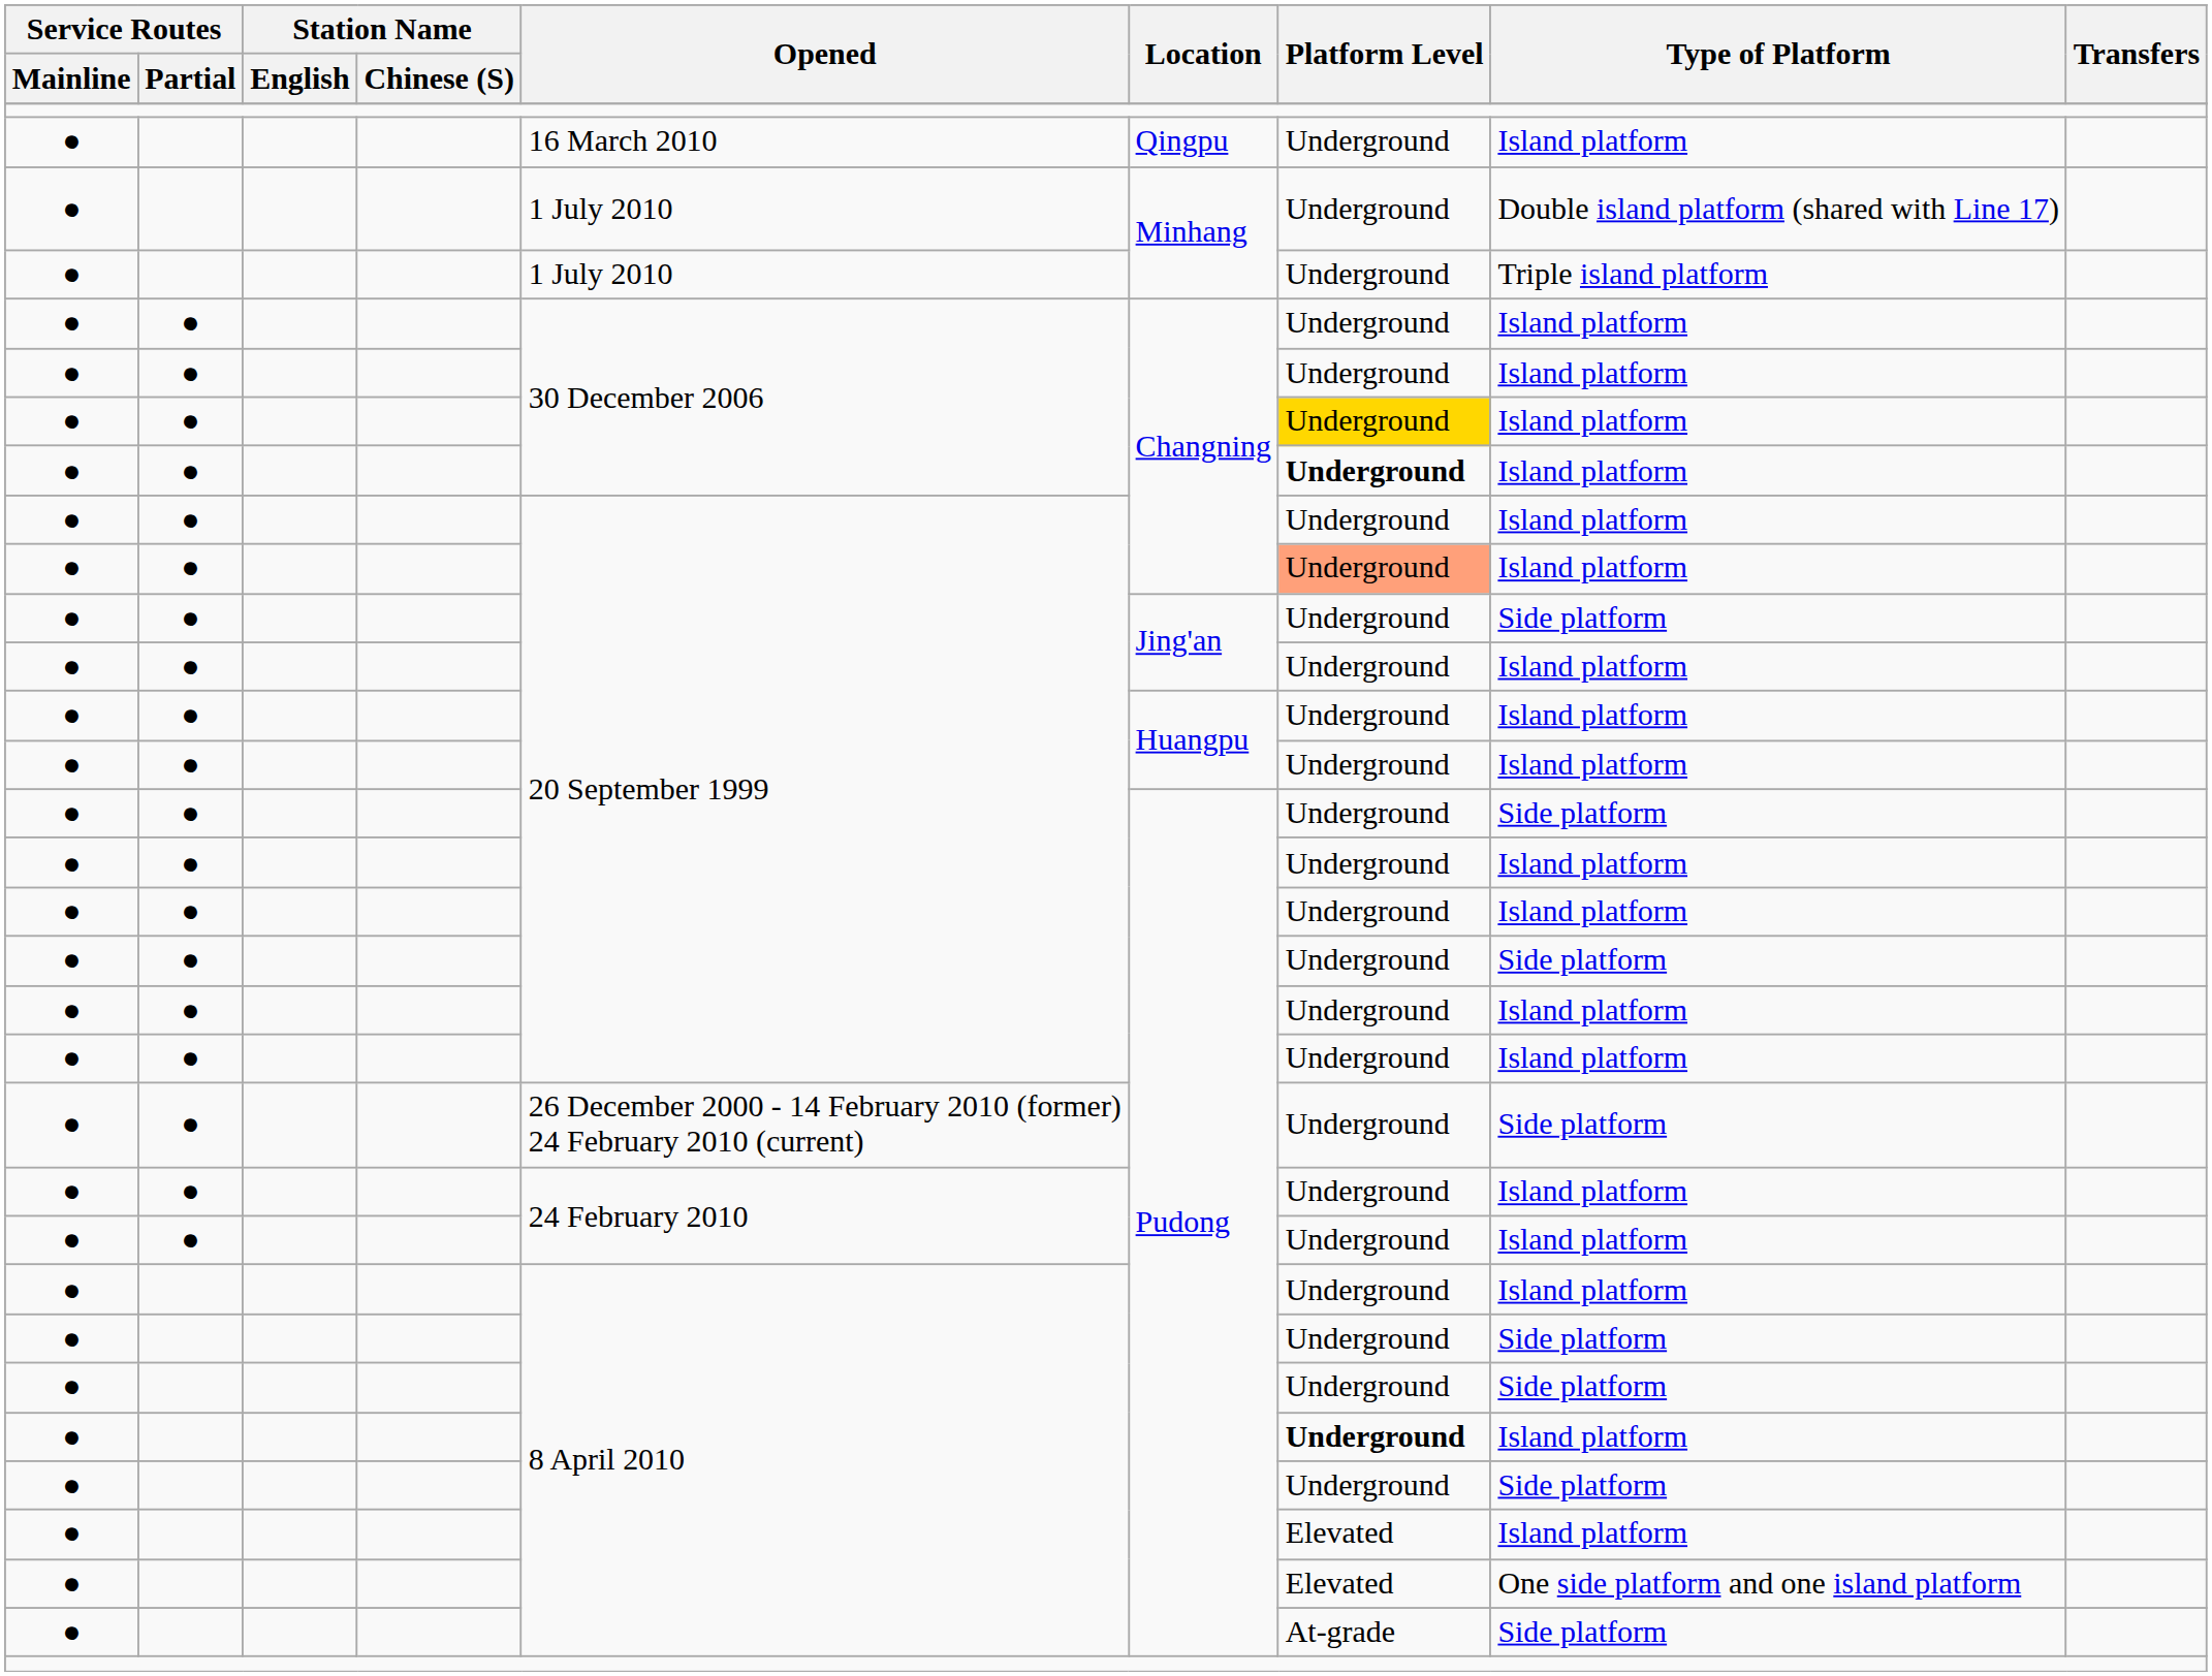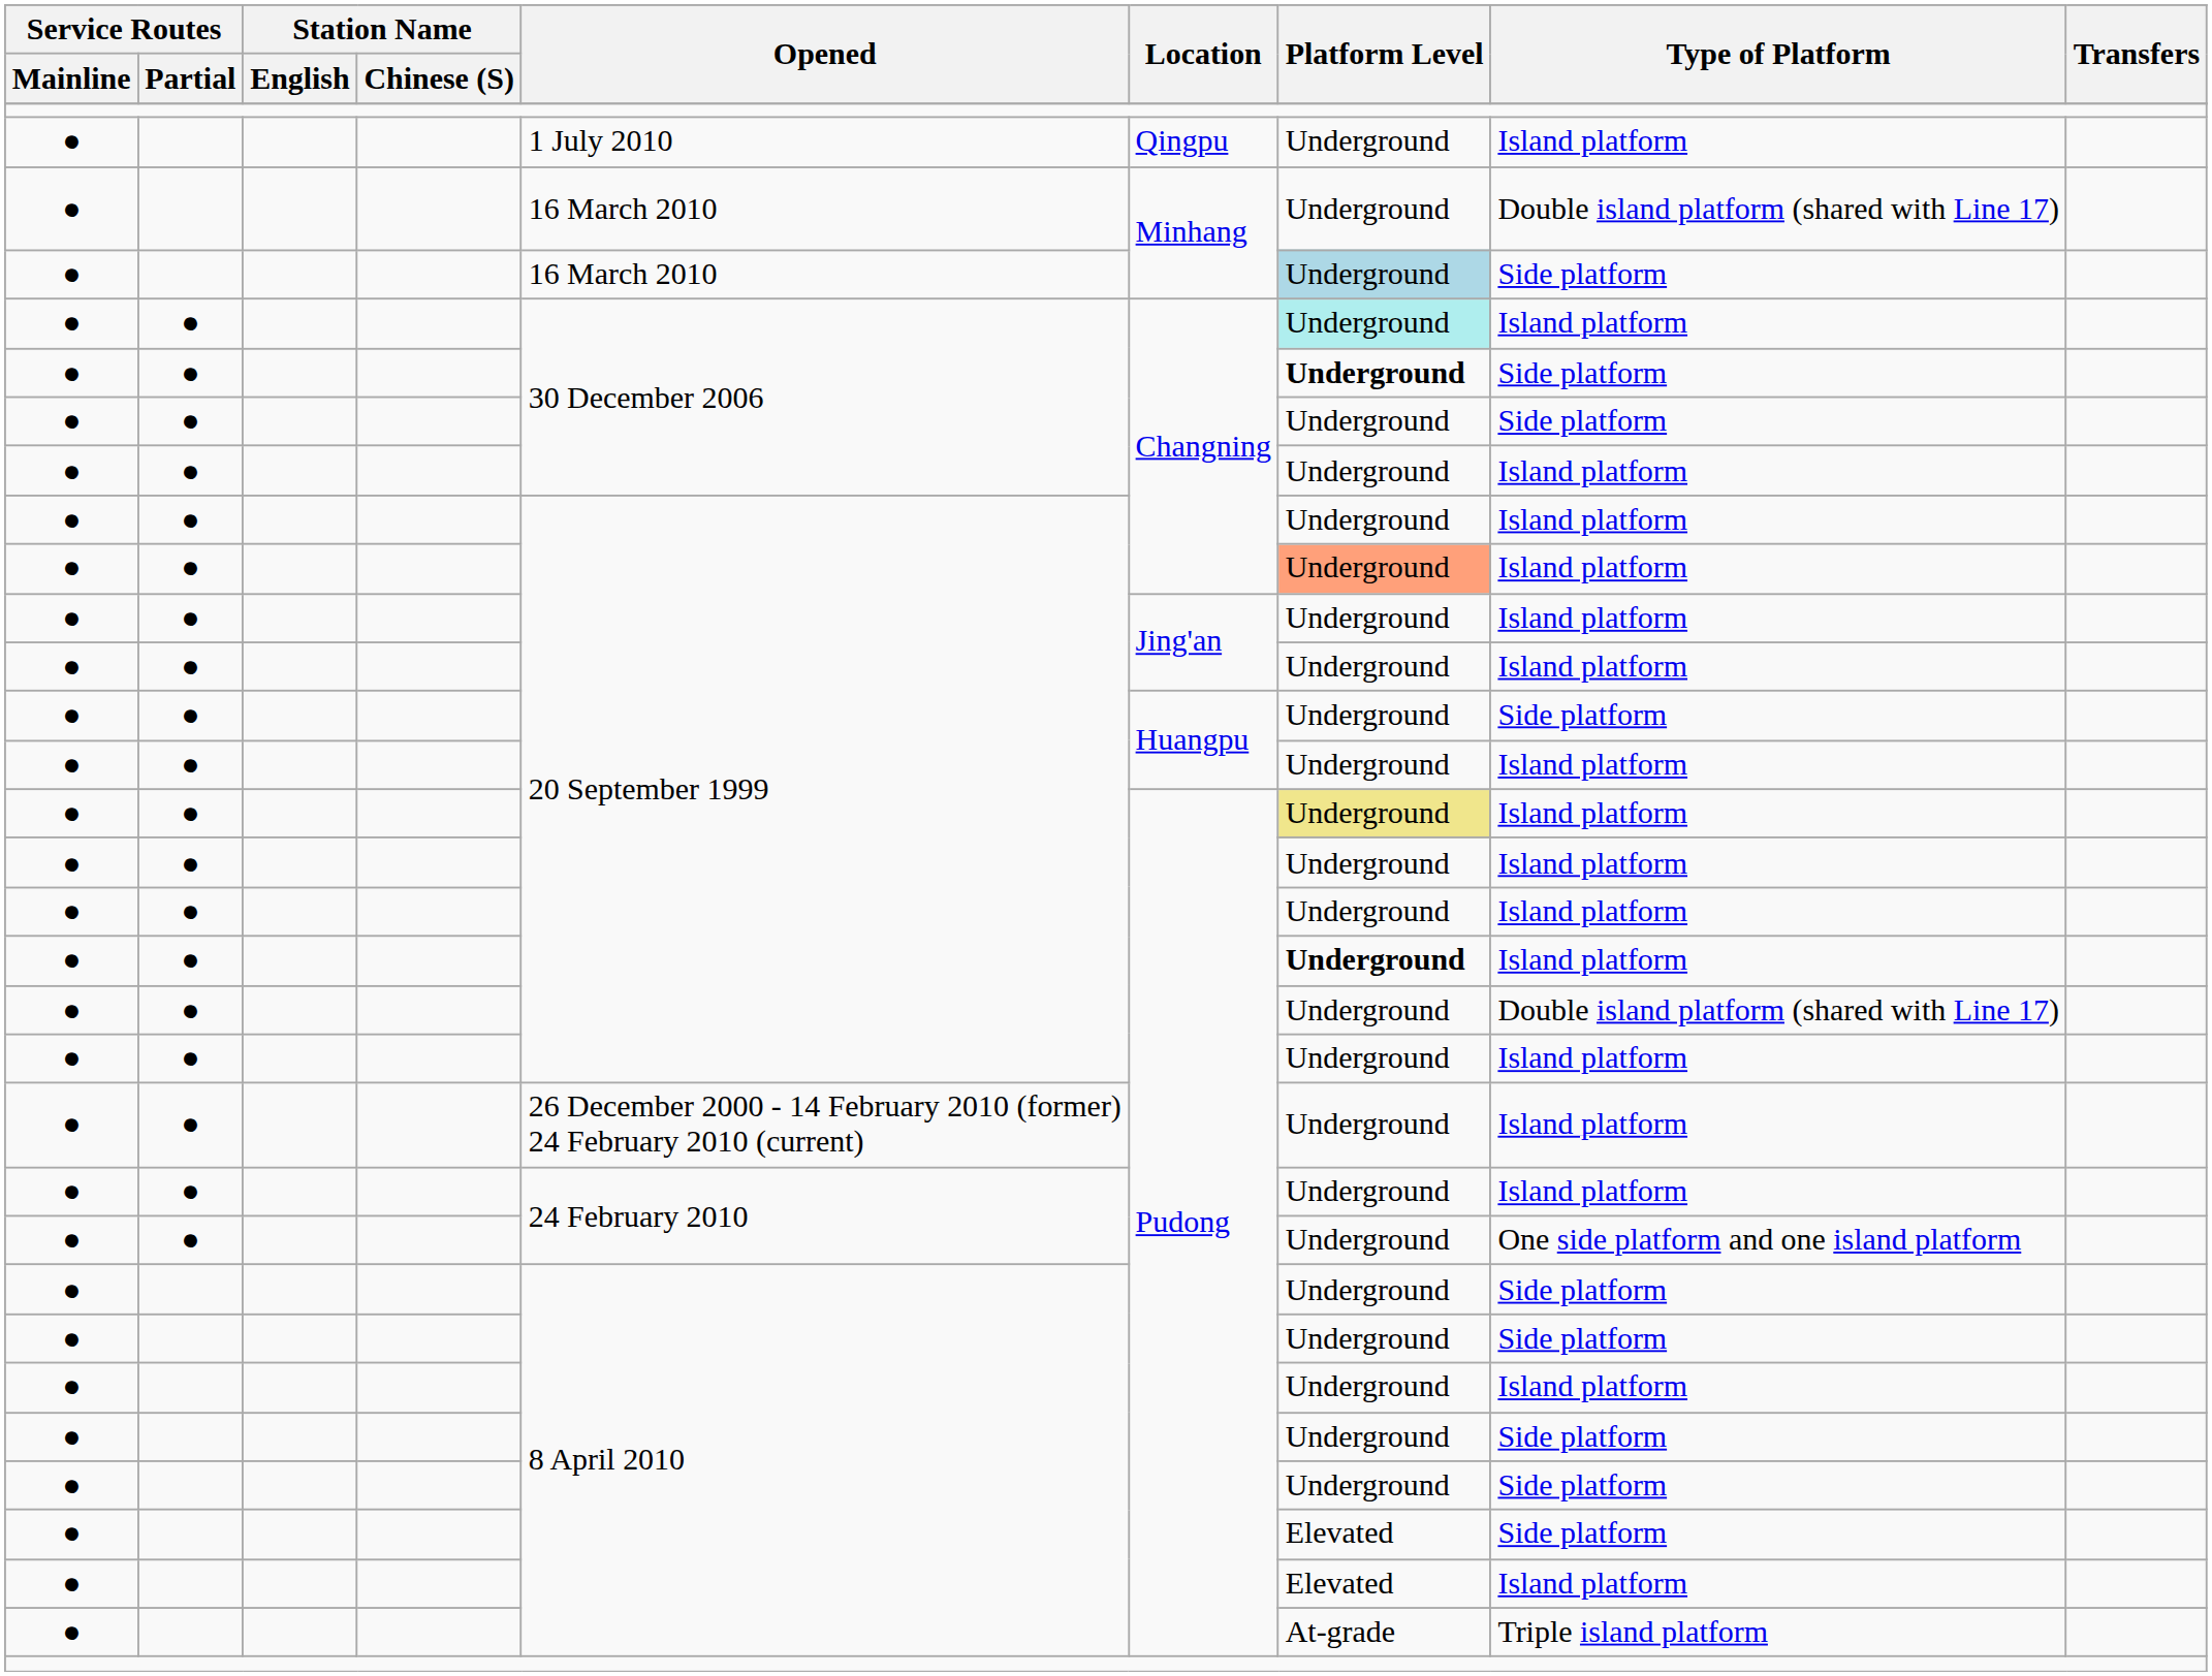 <table class=wikitable>
 <tr>
 <th colspan=2>Service Routes</th>
 <th colspan=2 style="text-align:center;">Station Name</th>
 <th rowspan=2>Opened</th>
 <th rowspan=2 style="text-align:center;">Location</th>
 <th rowspan=2>Platform Level</th>
 <th rowspan=2>Type of Platform</th>
 <th rowspan=2 style="text-align:center;">Transfers</th>
 </tr>
 <tr>
 <th>Mainline</th>
 <th>Partial</th>
 <th>English</th>
 <th>Chinese (S)</th>
 </tr>
 <tr>
 </tr>
 <tr style=background:#>
 <td colspan=9></td>
 </tr>
 <tr>
 <td align=center>●</td>
 <td align=center></td>
 <td></td>
 <td><span></span></td>
-<td>16 March 2010</td>
+<td>1 July 2010</td>
 <td><a href='#'>Qingpu</a></td>
 <td>Underground</td>
 <td><a href='#'>Island platform</a></td>
 <td></td>
 </tr>
 <tr>
 <td align=center>●</td>
 <td align=center></td>
 <td></td>
 <td><span></span></td>
-<td>1 July 2010</td>
+<td>16 March 2010</td>
 <td rowspan=2><a href='#'>Minhang</a></td>
 <td>Underground</td>
 <td>Double <a href='#'>island platform</a> (shared with <a href='#'>Line 17</a>)</td>
 <td><br><br></td>
 </tr>
 <tr>
 <td align=center>●</td>
 <td align=center></td>
 <td></td>
 <td><span></span></td>
-<td>1 July 2010</td>
-<td>Underground</td>
-<td>Triple <a href='#'>island platform</a></td>
+<td>16 March 2010</td>
+<td style="background: lightblue;">Underground</td>
+<td><a href='#'>Side platform</a></td>
 <td><br></td>
 </tr>
 <tr>
 <td align=center>●</td>
 <td align=center>●</td>
 <td></td>
 <td><span></span></td>
 <td rowspan=4>30 December 2006</td>
 <td rowspan=6><a href='#'>Changning</a></td>
-<td>Underground</td>
-<td><a href='#'>Island platform</a></td>
-<td></td>
-</tr>
-<tr>
-<td align=center>●</td>
-<td align=center>●</td>
-<td></td>
-<td><span></span></td>
-<td>Underground</td>
-<td><a href='#'>Island platform</a></td>
-<td></td>
-</tr>
-<tr>
-<td align=center>●</td>
-<td align=center>●</td>
-<td></td>
-<td><span></span></td>
-<td style="background: gold;">Underground</td>
+<td style="background: paleturquoise;">Underground</td>
 <td><a href='#'>Island platform</a></td>
 <td></td>
 </tr>
 <tr>
 <td align=center>●</td>
 <td align=center>●</td>
 <td></td>
 <td><span></span></td>
 <td><strong>Underground</strong></td>
+<td><a href='#'>Side platform</a></td>
+<td></td>
+</tr>
+<tr>
+<td align=center>●</td>
+<td align=center>●</td>
+<td></td>
+<td><span></span></td>
+<td>Underground</td>
+<td><a href='#'>Side platform</a></td>
+<td></td>
+</tr>
+<tr>
+<td align=center>●</td>
+<td align=center>●</td>
+<td></td>
+<td><span></span></td>
+<td>Underground</td>
 <td><a href='#'>Island platform</a></td>
 <td></td>
 </tr>
 <tr>
 <td align=center>●</td>
 <td align=center>●</td>
 <td></td>
 <td><span></span></td>
 <td rowspan=12>20 September 1999</td>
 <td>Underground</td>
 <td><a href='#'>Island platform</a></td>
 <td align=left></td>
 </tr>
 <tr>
 <td align=center>●</td>
 <td align=center>●</td>
 <td></td>
 <td><span></span></td>
 <td style="background: lightsalmon;">Underground</td>
 <td><a href='#'>Island platform</a></td>
 <td></td>
 </tr>
 <tr>
 <td align=center>●</td>
 <td align=center>●</td>
 <td></td>
 <td><span></span></td>
 <td rowspan=2><a href='#'>Jing'an</a></td>
 <td>Underground</td>
-<td><a href='#'>Side platform</a></td>
+<td><a href='#'>Island platform</a></td>
 <td></td>
 </tr>
 <tr>
 <td align=center>●</td>
 <td align=center>●</td>
 <td></td>
 <td><span></span></td>
 <td>Underground</td>
 <td><a href='#'>Island platform</a></td>
 <td></td>
 </tr>
 <tr>
 <td align=center>●</td>
 <td align=center>●</td>
 <td></td>
 <td><span></span></td>
 <td rowspan=2><a href='#'>Huangpu</a></td>
 <td>Underground</td>
-<td><a href='#'>Island platform</a></td>
+<td><a href='#'>Side platform</a></td>
 <td></td>
 </tr>
 <tr>
 <td align=center>●</td>
 <td align=center>●</td>
 <td></td>
 <td><span></span></td>
 <td>Underground</td>
 <td><a href='#'>Island platform</a></td>
 <td></td>
 </tr>
 <tr>
 <td align=center>●</td>
 <td align=center>●</td>
 <td></td>
 <td><span></span></td>
 <td rowspan=17><a href='#'>Pudong</a></td>
-<td>Underground</td>
-<td><a href='#'>Side platform</a></td>
+<td style="background: khaki;">Underground</td>
+<td><a href='#'>Island platform</a></td>
 <td></td>
 </tr>
 <tr>
 <td align=center>●</td>
 <td align=center>●</td>
 <td></td>
 <td><span></span></td>
 <td>Underground</td>
 <td><a href='#'>Island platform</a></td>
 <td></td>
 </tr>
 <tr>
 <td align=center>●</td>
 <td align=center>●</td>
 <td></td>
 <td><span></span></td>
 <td>Underground</td>
 <td><a href='#'>Island platform</a></td>
 <td></td>
 </tr>
 <tr>
 <td align=center>●</td>
 <td align=center>●</td>
 <td></td>
 <td><span></span></td>
-<td>Underground</td>
-<td><a href='#'>Side platform</a></td>
+<td><strong>Underground</strong></td>
+<td><a href='#'>Island platform</a></td>
 <td></td>
 </tr>
 <tr>
 <td align=center>●</td>
 <td align=center>●</td>
 <td></td>
 <td><span></span></td>
 <td>Underground</td>
-<td><a href='#'>Island platform</a></td>
+<td>Double <a href='#'>island platform</a> (shared with <a href='#'>Line 17</a>)</td>
 <td></td>
 </tr>
 <tr>
 <td align=center>●</td>
 <td align=center>●</td>
 <td></td>
 <td><span></span></td>
 <td>Underground</td>
 <td><a href='#'>Island platform</a></td>
 <td><br></td>
 </tr>
 <tr>
 <td align=center>●</td>
 <td align=center>●</td>
 <td></td>
 <td><span></span></td>
 <td>26 December 2000 - 14 February 2010 (former)<br>24 February 2010 (current)</td>
 <td>Underground</td>
-<td><a href='#'>Side platform</a></td>
+<td><a href='#'>Island platform</a></td>
 <td></td>
 </tr>
 <tr>
 <td align=center>●</td>
 <td align=center>●</td>
 <td></td>
 <td><span></span></td>
 <td rowspan=2>24 February 2010</td>
 <td>Underground</td>
 <td><a href='#'>Island platform</a></td>
 <td></td>
 </tr>
 <tr>
 <td align=center>●</td>
 <td align=center>●</td>
 <td></td>
 <td><span></span></td>
 <td>Underground</td>
-<td><a href='#'>Island platform</a></td>
+<td>One <a href='#'>side platform</a> and one <a href='#'>island platform</a></td>
 <td></td>
 </tr>
 <tr>
 <td align=center>●</td>
 <td align=center></td>
 <td></td>
 <td><span></span></td>
 <td rowspan=8>8 April 2010</td>
+<td>Underground</td>
+<td><a href='#'>Side platform</a></td>
+<td></td>
+</tr>
+<tr>
+<td align=center>●</td>
+<td align=center></td>
+<td></td>
+<td><span></span></td>
+<td>Underground</td>
+<td><a href='#'>Side platform</a></td>
+<td></td>
+</tr>
+<tr>
+<td align=center>●</td>
+<td align=center></td>
+<td></td>
+<td><span></span></td>
 <td>Underground</td>
 <td><a href='#'>Island platform</a></td>
 <td></td>
 </tr>
 <tr>
 <td align=center>●</td>
 <td align=center></td>
 <td></td>
 <td><span></span></td>
 <td>Underground</td>
 <td><a href='#'>Side platform</a></td>
 <td></td>
 </tr>
 <tr>
 <td align=center>●</td>
 <td align=center></td>
 <td></td>
 <td><span></span></td>
 <td>Underground</td>
 <td><a href='#'>Side platform</a></td>
 <td></td>
 </tr>
 <tr>
 <td align=center>●</td>
 <td align=center></td>
 <td></td>
 <td><span></span></td>
-<td><strong>Underground</strong></td>
-<td><a href='#'>Island platform</a></td>
-<td></td>
-</tr>
-<tr>
-<td align=center>●</td>
-<td align=center></td>
-<td></td>
-<td><span></span></td>
-<td>Underground</td>
+<td>Elevated</td>
 <td><a href='#'>Side platform</a></td>
 <td></td>
 </tr>
 <tr>
 <td align=center>●</td>
 <td align=center></td>
 <td></td>
 <td><span></span></td>
 <td>Elevated</td>
 <td><a href='#'>Island platform</a></td>
 <td></td>
 </tr>
 <tr>
 <td align=center>●</td>
 <td align=center></td>
 <td></td>
 <td><span></span></td>
-<td>Elevated</td>
-<td>One <a href='#'>side platform</a> and one <a href='#'>island platform</a></td>
-<td></td>
-</tr>
-<tr>
-<td align=center>●</td>
-<td align=center></td>
-<td></td>
-<td><span></span></td>
 <td>At-grade</td>
-<td><a href='#'>Side platform</a></td>
+<td>Triple <a href='#'>island platform</a></td>
 <td></td>
 </tr>
 <tr style=background:#>
 <td colspan=9></td>
 </tr>
 </table>
